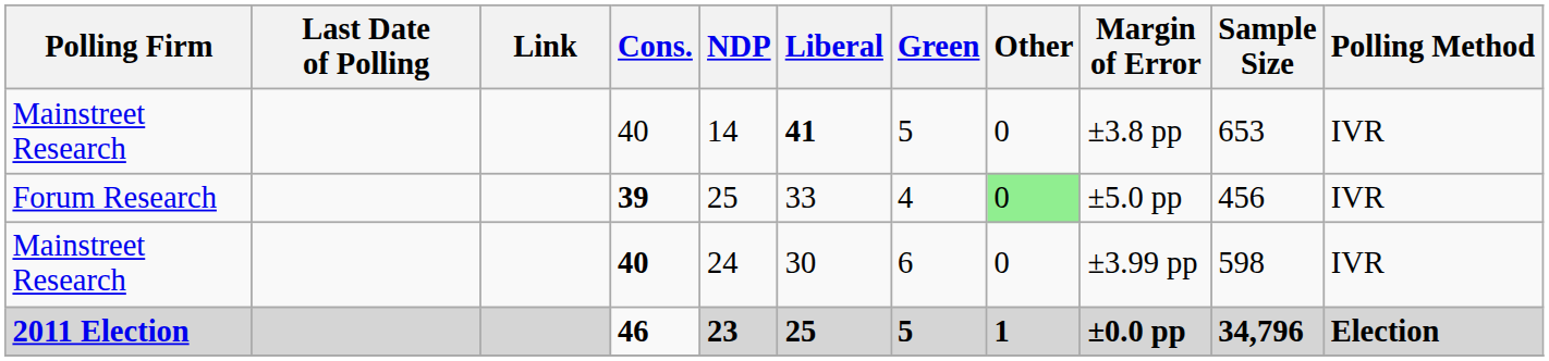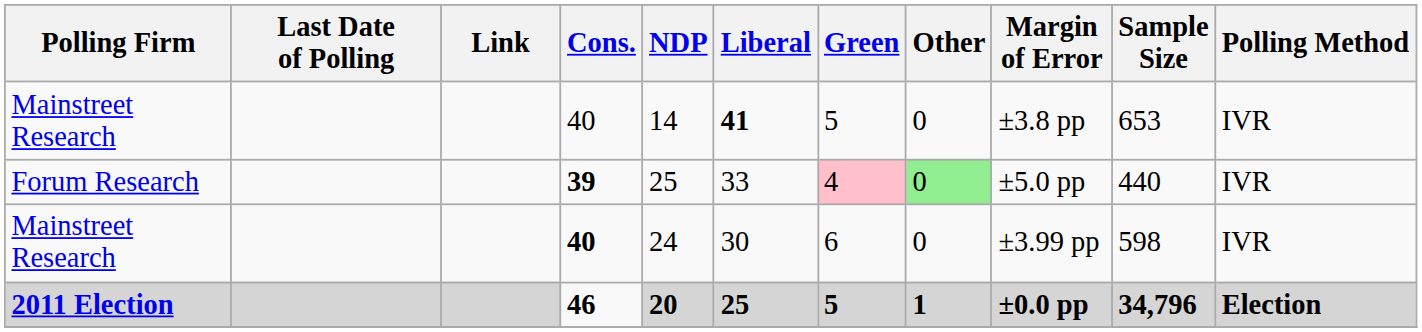 <table class="wikitable sortable">
 <tr style="background:#e9e9e9;">
 <th style="width:120px">Polling Firm</th>
 <th style="width:110px">Last Date<br>of Polling</th>
 <th style="width:60px" class="unsortable">Link</th>
 <th style="background-color:"><strong><a href='#'>Cons.</a></strong></th>
 <th style="background-color:"><strong><a href='#'>NDP</a></strong></th>
 <th style="background-color:"><strong><a href='#'>Liberal</a></strong></th>
 <th style="background-color:"><strong><a href='#'>Green</a></strong></th>
 <th style="background-color:"><strong>Other</strong></th>
 <th style="width:60px;" class=unsortable>Margin<br>of Error</th>
 <th style="width:50px;" class=unsortable>Sample<br>Size</th>
 <th class=unsortable>Polling Method</th>
 </tr>
 <tr>
 <td><a href='#'>Mainstreet Research</a></td>
 <td></td>
 <td></td>
 <td>40</td>
 <td>14</td>
 <td><strong>41</strong></td>
 <td>5</td>
 <td>0</td>
 <td>±3.8 pp</td>
 <td>653</td>
 <td>IVR</td>
 </tr>
 <tr>
 <td><a href='#'>Forum Research</a></td>
 <td></td>
 <td></td>
 <td><strong>39</strong></td>
 <td>25</td>
 <td>33</td>
-<td>4</td>
+<td style="background: pink;">4</td>
 <td style="background: lightgreen;">0</td>
 <td>±5.0 pp</td>
-<td>456</td>
+<td>440</td>
 <td>IVR</td>
 </tr>
 <tr>
 <td><a href='#'>Mainstreet Research</a></td>
 <td></td>
 <td></td>
 <td><strong>40</strong></td>
 <td>24</td>
 <td>30</td>
 <td>6</td>
 <td>0</td>
 <td>±3.99 pp</td>
 <td>598</td>
 <td>IVR</td>
 </tr>
 <tr>
 <td style="background:#D5D5D5"><strong><a href='#'>2011 Election</a></strong></td>
 <td style="background:#D5D5D5"><strong></strong></td>
 <td style="background:#D5D5D5"></td>
 <td><strong>46</strong></td>
-<td style="background:#D5D5D5"><strong>23</strong></td>
+<td style="background:#D5D5D5"><strong>20</strong></td>
 <td style="background:#D5D5D5"><strong>25</strong></td>
 <td style="background:#D5D5D5"><strong>5</strong></td>
 <td style="background:#D5D5D5"><strong>1</strong></td>
 <td style="background:#D5D5D5"><strong>±0.0 pp</strong></td>
 <td style="background:#D5D5D5"><strong>34,796</strong></td>
 <td style="background:#D5D5D5"><strong>Election</strong></td>
 </tr>
 <tr>
 </tr>
 <tr>
 </tr>
 </table>
